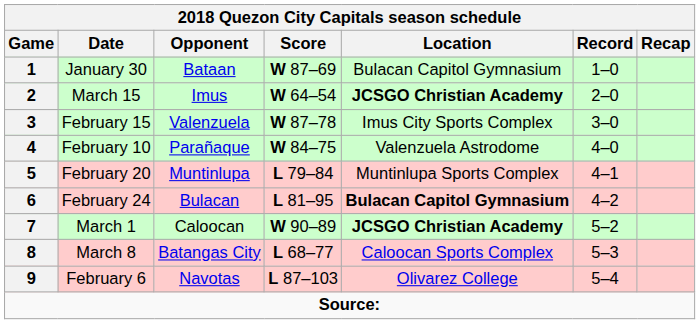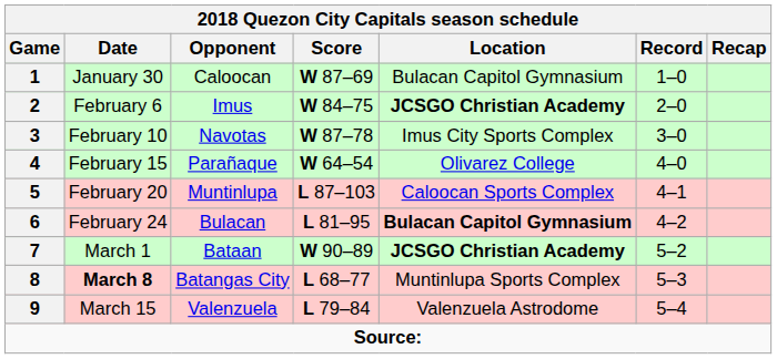 <table class="wikitable" style="text-align:center">
 <tr>
 <th colspan=7>2018 Quezon City Capitals season schedule</th>
 </tr>
 <tr>
 <th>Game</th>
 <th>Date</th>
 <th>Opponent</th>
 <th>Score</th>
 <th>Location</th>
 <th>Record</th>
 <th>Recap</th>
 </tr>
 <tr style="background:#cfc">
 <th>1</th>
 <td>January 30</td>
-<td><a href='#'>Bataan</a></td>
+<td>Caloocan</td>
 <td><strong>W</strong> 87–69</td>
 <td>Bulacan Capitol Gymnasium</td>
 <td>1–0</td>
 <td></td>
 </tr>
 <tr style="background:#cfc">
 <th>2</th>
-<td>March 15</td>
+<td>February 6</td>
 <td><a href='#'>Imus</a></td>
-<td><strong>W</strong> 64–54</td>
+<td><strong>W</strong> 84–75</td>
 <td><strong>JCSGO Christian Academy</strong></td>
 <td>2–0</td>
 <td></td>
 </tr>
 <tr style="background:#cfc">
 <th>3</th>
-<td>February 15</td>
-<td><a href='#'>Valenzuela</a></td>
+<td>February 10</td>
+<td><a href='#'>Navotas</a></td>
 <td><strong>W</strong> 87–78</td>
 <td>Imus City Sports Complex</td>
 <td>3–0</td>
 <td></td>
 </tr>
 <tr style="background:#cfc">
 <th>4</th>
-<td>February 10</td>
+<td>February 15</td>
 <td><a href='#'>Parañaque</a></td>
-<td><strong>W</strong> 84–75</td>
-<td>Valenzuela Astrodome</td>
+<td><strong>W</strong> 64–54</td>
+<td><a href='#'>Olivarez College</a></td>
 <td>4–0</td>
 <td></td>
 </tr>
 <tr style="background:#fcc">
 <th>5</th>
 <td>February 20</td>
 <td><a href='#'>Muntinlupa</a></td>
-<td><strong>L</strong> 79–84</td>
-<td>Muntinlupa Sports Complex</td>
+<td><strong>L</strong> 87–103</td>
+<td><a href='#'>Caloocan Sports Complex</a></td>
 <td>4–1</td>
 <td></td>
 </tr>
 <tr style="background:#fcc">
 <th>6</th>
 <td>February 24</td>
 <td><a href='#'>Bulacan</a></td>
 <td><strong>L</strong> 81–95</td>
 <td><strong>Bulacan Capitol Gymnasium</strong></td>
 <td>4–2</td>
 <td></td>
 </tr>
 <tr style="background:#cfc">
 <th>7</th>
 <td>March 1</td>
-<td>Caloocan</td>
+<td><a href='#'>Bataan</a></td>
 <td><strong>W</strong> 90–89</td>
 <td><strong>JCSGO Christian Academy</strong></td>
 <td>5–2</td>
 <td></td>
 </tr>
 <tr style="background:#fcc">
 <th>8</th>
-<td>March 8</td>
+<td><strong>March 8</strong></td>
 <td><a href='#'>Batangas City</a></td>
 <td><strong>L</strong> 68–77</td>
-<td><a href='#'>Caloocan Sports Complex</a></td>
+<td>Muntinlupa Sports Complex</td>
 <td>5–3</td>
 <td></td>
 </tr>
 <tr style="background:#fcc">
 <th>9</th>
-<td>February 6</td>
-<td><a href='#'>Navotas</a></td>
-<td><strong>L</strong> 87–103</td>
-<td><a href='#'>Olivarez College</a></td>
+<td>March 15</td>
+<td><a href='#'>Valenzuela</a></td>
+<td><strong>L</strong> 79–84</td>
+<td>Valenzuela Astrodome</td>
 <td>5–4</td>
 <td></td>
 </tr>
 <tr>
 <td colspan=7 align=center><strong>Source: </strong></td>
 </tr>
 </table>
